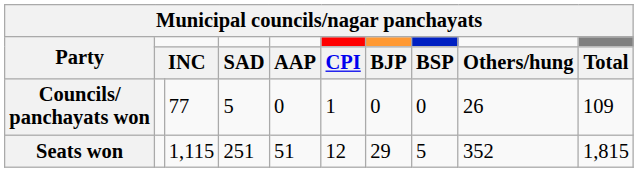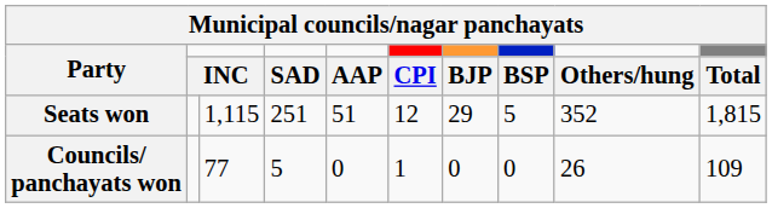 <table class="wikitable sortable">
 <tr>
 <th colspan="10">Municipal councils/nagar panchayats</th>
 </tr>
 <tr>
 <th rowspan="2">Party</th>
 <td colspan="2" style="background:"></td>
 <td style="background:"></td>
 <td style="background:"></td>
 <td bgcolor=#FF0000></td>
 <td bgcolor=#FF9933></td>
 <td bgcolor=#0020C2></td>
 <td style="background:"></td>
 <td style="background:grey"></td>
 </tr>
 <tr>
 <th colspan="2">INC</th>
 <th>SAD</th>
 <th>AAP</th>
 <th><a href='#'>CPI</a></th>
 <th>BJP</th>
 <th>BSP</th>
 <th>Others/hung</th>
 <th>Total</th>
 </tr>
 <tr>
+<th>Seats won</th>
+<td style="background:"></td>
+<td>1,115</td>
+<td>251</td>
+<td>51</td>
+<td>12</td>
+<td>29</td>
+<td>5</td>
+<td>352</td>
+<td>1,815</td>
+</tr>
+<tr>
 <th>Councils/<br>panchayats won</th>
 <td style="background:"></td>
 <td>77</td>
 <td>5</td>
 <td>0</td>
 <td>1</td>
 <td>0</td>
 <td>0</td>
 <td>26</td>
 <td>109</td>
 </tr>
-<tr>
-<th>Seats won</th>
-<td style="background:"></td>
-<td>1,115</td>
-<td>251</td>
-<td>51</td>
-<td>12</td>
-<td>29</td>
-<td>5</td>
-<td>352</td>
-<td>1,815</td>
-</tr>
 </table>
